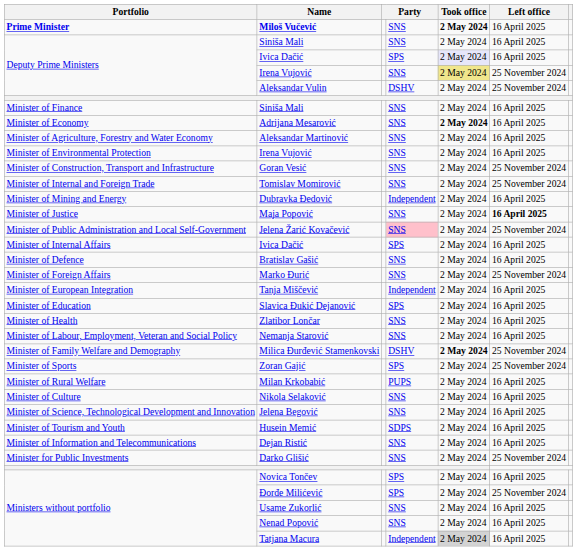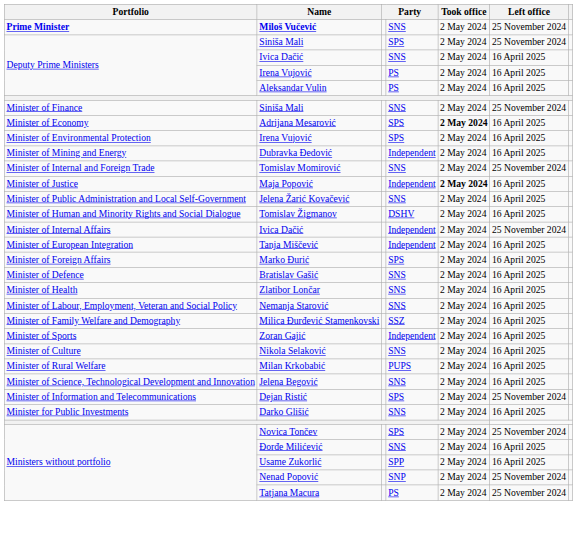 <table class="wikitable">
 <tr>
 <th>Portfolio</th>
 <th>Name</th>
 <th colspan="2">Party</th>
 <th>Took office</th>
 <th>Left office</th>
 <th></th>
 </tr>
 <tr>
 <td><strong><a href='#'>Prime Minister</a></strong></td>
 <td><strong><a href='#'>Miloš Vučević</a></strong></td>
 <td style="background-color:"></td>
 <td><a href='#'>SNS</a></td>
-<td><strong>2 May 2024</strong></td>
-<td>16 April 2025</td>
+<td>2 May 2024</td>
+<td>25 November 2024</td>
 <td></td>
 </tr>
 <tr>
 <td rowspan="4"><a href='#'>Deputy Prime Ministers</a></td>
 <td><a href='#'>Siniša Mali</a></td>
+<td style="background-color:"></td>
+<td><a href='#'>SPS</a></td>
+<td>2 May 2024</td>
+<td>25 November 2024</td>
+<td></td>
+</tr>
+<tr>
+<td><a href='#'>Ivica Dačić</a></td>
 <td style="background-color:"></td>
 <td><a href='#'>SNS</a></td>
 <td>2 May 2024</td>
 <td>16 April 2025</td>
 <td></td>
 </tr>
 <tr>
-<td><a href='#'>Ivica Dačić</a></td>
-<td style="background-color:"></td>
-<td><a href='#'>SPS</a></td>
-<td style="background: lavender;">2 May 2024</td>
-<td>16 April 2025</td>
-<td></td>
-</tr>
-<tr>
 <td><a href='#'>Irena Vujović</a></td>
 <td style="background-color:"></td>
-<td><a href='#'>SNS</a></td>
-<td style="background: khaki;">2 May 2024</td>
-<td>25 November 2024</td>
+<td><a href='#'>PS</a></td>
+<td>2 May 2024</td>
+<td>16 April 2025</td>
 <td></td>
 </tr>
 <tr>
 <td><a href='#'>Aleksandar Vulin</a></td>
 <td style="background-color:"></td>
-<td><a href='#'>DSHV</a></td>
+<td><a href='#'>PS</a></td>
 <td>2 May 2024</td>
-<td>25 November 2024</td>
+<td>16 April 2025</td>
 <td></td>
 </tr>
 <tr>
 <th colspan="7"></th>
 </tr>
 <tr>
 <td><a href='#'>Minister of Finance</a></td>
 <td><a href='#'>Siniša Mali</a></td>
 <td style="background-color:"></td>
 <td><a href='#'>SNS</a></td>
 <td>2 May 2024</td>
-<td>16 April 2025</td>
+<td>25 November 2024</td>
 <td></td>
 </tr>
 <tr>
 <td><a href='#'>Minister of Economy</a></td>
 <td><a href='#'>Adrijana Mesarović</a></td>
 <td style="background-color:"></td>
-<td><a href='#'>SNS</a></td>
+<td><a href='#'>SPS</a></td>
 <td><strong>2 May 2024</strong></td>
-<td>16 April 2025</td>
-<td></td>
-</tr>
-<tr>
-<td><a href='#'>Minister of Agriculture, Forestry and Water Economy</a></td>
-<td><a href='#'>Aleksandar Martinović</a></td>
-<td style="background-color:"></td>
-<td><a href='#'>SNS</a></td>
-<td>2 May 2024</td>
 <td>16 April 2025</td>
 <td></td>
 </tr>
 <tr>
 <td><a href='#'>Minister of Environmental Protection</a></td>
 <td><a href='#'>Irena Vujović</a></td>
 <td style="background-color:"></td>
-<td><a href='#'>SNS</a></td>
+<td><a href='#'>SPS</a></td>
 <td>2 May 2024</td>
 <td>16 April 2025</td>
 <td></td>
 </tr>
 <tr>
-<td><a href='#'>Minister of Construction, Transport and Infrastructure</a></td>
-<td><a href='#'>Goran Vesić</a></td>
+<td><a href='#'>Minister of Mining and Energy</a></td>
+<td><a href='#'>Dubravka Đedović</a></td>
 <td style="background-color:"></td>
-<td><a href='#'>SNS</a></td>
+<td><a href='#'>Independent</a></td>
 <td>2 May 2024</td>
-<td>25 November 2024</td>
+<td>16 April 2025</td>
 <td></td>
 </tr>
 <tr>
 <td><a href='#'>Minister of Internal and Foreign Trade</a></td>
 <td><a href='#'>Tomislav Momirović</a></td>
 <td style="background-color:"></td>
 <td><a href='#'>SNS</a></td>
 <td>2 May 2024</td>
 <td>25 November 2024</td>
 <td></td>
 </tr>
 <tr>
-<td><a href='#'>Minister of Mining and Energy</a></td>
-<td><a href='#'>Dubravka Đedović</a></td>
-<td style="background-color:"></td>
-<td><a href='#'>Independent</a></td>
-<td>2 May 2024</td>
-<td>16 April 2025</td>
-<td></td>
-</tr>
-<tr>
 <td><a href='#'>Minister of Justice</a></td>
 <td><a href='#'>Maja Popović</a></td>
 <td style="background-color:"></td>
-<td><a href='#'>SNS</a></td>
-<td>2 May 2024</td>
-<td><strong>16 April 2025</strong></td>
+<td><a href='#'>Independent</a></td>
+<td><strong>2 May 2024</strong></td>
+<td>16 April 2025</td>
 <td></td>
 </tr>
 <tr>
 <td><a href='#'>Minister of Public Administration and Local Self-Government</a></td>
 <td><a href='#'>Jelena Žarić Kovačević</a></td>
-<td style="background-color:"></td>
-<td style="background: pink;"><a href='#'>SNS</a></td>
-<td>2 May 2024</td>
-<td>25 November 2024</td>
-<td></td>
-</tr>
-<tr>
-<td><a href='#'>Minister of Internal Affairs</a></td>
-<td><a href='#'>Ivica Dačić</a></td>
-<td style="background-color:"></td>
-<td><a href='#'>SPS</a></td>
-<td>2 May 2024</td>
-<td>16 April 2025</td>
-<td></td>
-</tr>
-<tr>
-<td><a href='#'>Minister of Defence</a></td>
-<td><a href='#'>Bratislav Gašić</a></td>
 <td style="background-color:"></td>
 <td><a href='#'>SNS</a></td>
 <td>2 May 2024</td>
 <td>16 April 2025</td>
 <td></td>
 </tr>
 <tr>
-<td><a href='#'>Minister of Foreign Affairs</a></td>
-<td><a href='#'>Marko Đurić</a></td>
+<td><a href='#'>Minister of Human and Minority Rights and Social Dialogue</a></td>
+<td><a href='#'>Tomislav Žigmanov</a></td>
 <td style="background-color:"></td>
-<td><a href='#'>SNS</a></td>
+<td><a href='#'>DSHV</a></td>
+<td>2 May 2024</td>
+<td>16 April 2025</td>
+<td></td>
+</tr>
+<tr>
+<td><a href='#'>Minister of Internal Affairs</a></td>
+<td><a href='#'>Ivica Dačić</a></td>
+<td style="background-color:"></td>
+<td><a href='#'>Independent</a></td>
 <td>2 May 2024</td>
 <td>25 November 2024</td>
 <td></td>
 </tr>
 <tr>
 <td><a href='#'>Minister of European Integration</a></td>
 <td><a href='#'>Tanja Miščević</a></td>
 <td style="background-color:"></td>
 <td><a href='#'>Independent</a></td>
 <td>2 May 2024</td>
 <td>16 April 2025</td>
 <td></td>
 </tr>
 <tr>
-<td><a href='#'>Minister of Education</a></td>
-<td><a href='#'>Slavica Đukić Dejanović</a></td>
+<td><a href='#'>Minister of Foreign Affairs</a></td>
+<td><a href='#'>Marko Đurić</a></td>
 <td style="background-color:"></td>
 <td><a href='#'>SPS</a></td>
+<td>2 May 2024</td>
+<td>16 April 2025</td>
+<td></td>
+</tr>
+<tr>
+<td><a href='#'>Minister of Defence</a></td>
+<td><a href='#'>Bratislav Gašić</a></td>
+<td style="background-color:"></td>
+<td><a href='#'>SNS</a></td>
 <td>2 May 2024</td>
 <td>16 April 2025</td>
 <td></td>
 </tr>
 <tr>
 <td><a href='#'>Minister of Health</a></td>
 <td><a href='#'>Zlatibor Lončar</a></td>
 <td style="background-color:"></td>
 <td><a href='#'>SNS</a></td>
 <td>2 May 2024</td>
 <td>16 April 2025</td>
 <td></td>
 </tr>
 <tr>
 <td><a href='#'>Minister of Labour, Employment, Veteran and Social Policy</a></td>
 <td><a href='#'>Nemanja Starović</a></td>
 <td style="background-color:"></td>
 <td><a href='#'>SNS</a></td>
 <td>2 May 2024</td>
 <td>16 April 2025</td>
 <td></td>
 </tr>
 <tr>
 <td><a href='#'>Minister of Family Welfare and Demography</a></td>
 <td><a href='#'>Milica Đurđević Stamenkovski</a></td>
 <td style="background-color:"></td>
-<td><a href='#'>DSHV</a></td>
-<td><strong>2 May 2024</strong></td>
-<td>25 November 2024</td>
+<td><a href='#'>SSZ</a></td>
+<td>2 May 2024</td>
+<td>16 April 2025</td>
 <td></td>
 </tr>
 <tr>
 <td><a href='#'>Minister of Sports</a></td>
 <td><a href='#'>Zoran Gajić</a></td>
 <td style="background-color:"></td>
-<td><a href='#'>SPS</a></td>
-<td>2 May 2024</td>
-<td>25 November 2024</td>
-<td></td>
-</tr>
-<tr>
-<td><a href='#'>Minister of Rural Welfare</a></td>
-<td><a href='#'>Milan Krkobabić</a></td>
-<td style="background-color:"></td>
-<td><a href='#'>PUPS</a></td>
+<td><a href='#'>Independent</a></td>
 <td>2 May 2024</td>
 <td>16 April 2025</td>
 <td></td>
 </tr>
 <tr>
 <td><a href='#'>Minister of Culture</a></td>
 <td><a href='#'>Nikola Selaković</a></td>
 <td style="background-color:"></td>
 <td><a href='#'>SNS</a></td>
 <td>2 May 2024</td>
 <td>16 April 2025</td>
 <td></td>
 </tr>
 <tr>
+<td><a href='#'>Minister of Rural Welfare</a></td>
+<td><a href='#'>Milan Krkobabić</a></td>
+<td style="background-color:"></td>
+<td><a href='#'>PUPS</a></td>
+<td>2 May 2024</td>
+<td>16 April 2025</td>
+<td></td>
+</tr>
+<tr>
 <td><a href='#'>Minister of Science, Technological Development and Innovation</a></td>
 <td><a href='#'>Jelena Begović</a></td>
 <td style="background-color:"></td>
 <td><a href='#'>SNS</a></td>
 <td>2 May 2024</td>
 <td>16 April 2025</td>
 <td></td>
 </tr>
 <tr>
-<td><a href='#'>Minister of Tourism and Youth</a></td>
-<td><a href='#'>Husein Memić</a></td>
-<td style="background-color:"></td>
-<td><a href='#'>SDPS</a></td>
-<td>2 May 2024</td>
-<td>16 April 2025</td>
-<td></td>
-</tr>
-<tr>
 <td><a href='#'>Minister of Information and Telecommunications</a></td>
 <td><a href='#'>Dejan Ristić</a></td>
 <td style="background-color:"></td>
-<td><a href='#'>SNS</a></td>
+<td><a href='#'>SPS</a></td>
 <td>2 May 2024</td>
-<td>16 April 2025</td>
+<td>25 November 2024</td>
 <td></td>
 </tr>
 <tr>
 <td><a href='#'>Minister for Public Investments</a></td>
 <td><a href='#'>Darko Glišić</a></td>
 <td style="background-color:"></td>
 <td><a href='#'>SNS</a></td>
 <td>2 May 2024</td>
-<td>25 November 2024</td>
+<td>16 April 2025</td>
 <td></td>
 </tr>
 <tr>
 <th colspan="5"></th>
 </tr>
 <tr>
 <td rowspan="5"><a href='#'>Ministers without portfolio</a></td>
 <td><a href='#'>Novica Tončev</a></td>
 <td style="background-color:"></td>
 <td><a href='#'>SPS</a></td>
 <td>2 May 2024</td>
-<td>16 April 2025</td>
+<td>25 November 2024</td>
 <td></td>
 </tr>
 <tr>
 <td><a href='#'>Đorđe Milićević</a></td>
-<td style="background-color:"></td>
-<td><a href='#'>SPS</a></td>
-<td>2 May 2024</td>
-<td>25 November 2024</td>
-<td></td>
-</tr>
-<tr>
-<td><a href='#'>Usame Zukorlić</a></td>
 <td style="background-color:"></td>
 <td><a href='#'>SNS</a></td>
 <td>2 May 2024</td>
 <td>16 April 2025</td>
 <td></td>
 </tr>
 <tr>
-<td><a href='#'>Nenad Popović</a></td>
+<td><a href='#'>Usame Zukorlić</a></td>
 <td style="background-color:"></td>
-<td><a href='#'>SNS</a></td>
+<td><a href='#'>SPP</a></td>
 <td>2 May 2024</td>
 <td>16 April 2025</td>
 <td></td>
 </tr>
 <tr>
+<td><a href='#'>Nenad Popović</a></td>
+<td style="background-color:"></td>
+<td><a href='#'>SNP</a></td>
+<td>2 May 2024</td>
+<td>25 November 2024</td>
+<td></td>
+</tr>
+<tr>
 <td><a href='#'>Tatjana Macura</a></td>
 <td style="background-color:"></td>
-<td><a href='#'>Independent</a></td>
-<td style="background: lightgrey;">2 May 2024</td>
-<td>16 April 2025</td>
+<td><a href='#'>PS</a></td>
+<td>2 May 2024</td>
+<td>25 November 2024</td>
 <td></td>
 </tr>
 </table>
